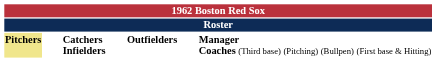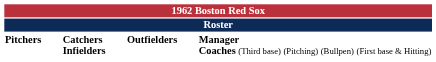 <table class="toccolours" style="text-align: left;">
 <tr>
 <th colspan="10" style="background-color: #ba313c; color: white; text-align: center;">1962 Boston Red Sox</th>
 </tr>
 <tr>
 <td colspan="10" style="background-color: #0d2b56; color: white; text-align: center;"><strong>Roster</strong></td>
 </tr>
 <tr>
-<td valign="top" style="background: khaki;"><strong>Pitchers</strong><br>                 </td>
+<td valign="top"><strong>Pitchers</strong><br>                 </td>
 <td width="25px"></td>
 <td valign="top"><strong>Catchers</strong><br>   <strong>Infielders</strong>       </td>
 <td width="25px"></td>
 <td valign="top"><strong>Outfielders</strong><br>    </td>
 <td width="25px"></td>
 <td valign="top"><strong>Manager</strong><br> <strong>Coaches</strong>  <small>(Third base)</small>  <small>(Pitching)</small>  <small>(Bullpen)</small>  <small>(First base & Hitting)</small></td>
 </tr>
 <tr>
 </tr>
 </table>
